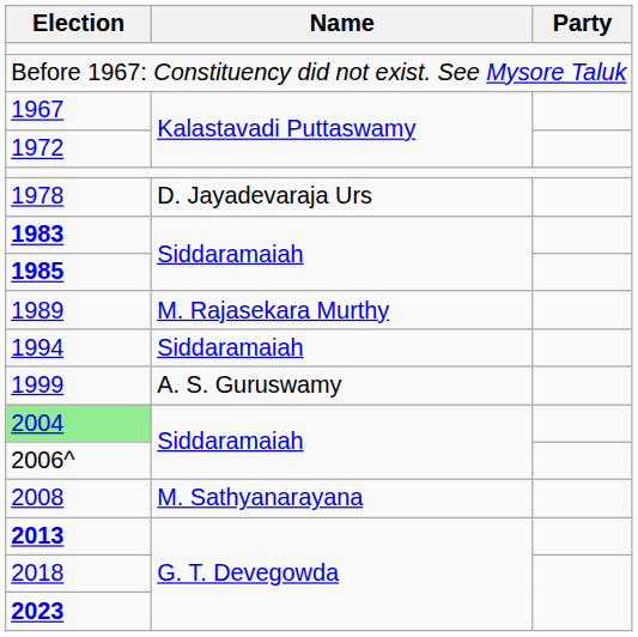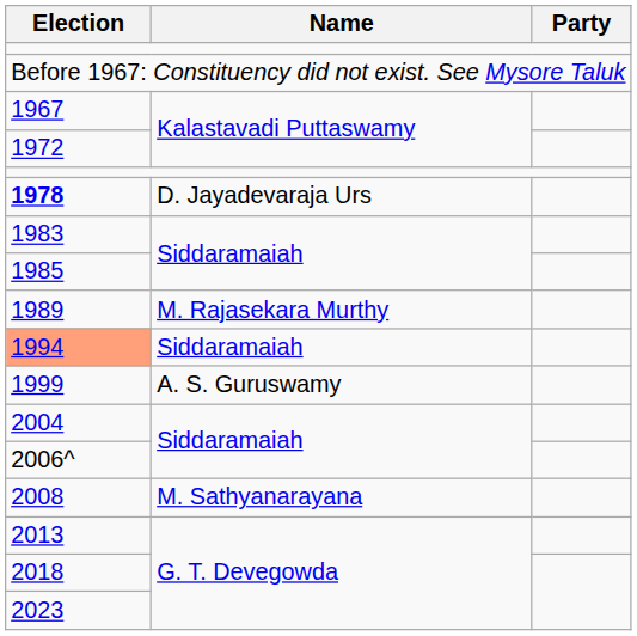 <table class ="wikitable sortable">
 <tr>
 <th>Election</th>
 <th>Name</th>
 <th colspan="2">Party</th>
 </tr>
 <tr>
 <td colspan=4></td>
 </tr>
 <tr>
 <td colspan=4>Before 1967: <em>Constituency did not exist. See <a href='#'>Mysore Taluk</a></em></td>
 </tr>
 <tr>
 <td><a href='#'>1967</a></td>
 <td rowspan=2><a href='#'>Kalastavadi Puttaswamy</a></td>
 <td></td>
 </tr>
 <tr>
 <td><a href='#'>1972</a></td>
 </tr>
 <tr>
 <td colspan=4></td>
 </tr>
 <tr>
-<td><a href='#'>1978</a></td>
+<td><strong><a href='#'>1978</a></strong></td>
 <td>D. Jayadevaraja Urs</td>
 <td></td>
 </tr>
 <tr>
-<td><strong><a href='#'>1983</a></strong></td>
+<td><a href='#'>1983</a></td>
 <td rowspan=2><a href='#'>Siddaramaiah</a></td>
 <td></td>
 </tr>
 <tr>
-<td><strong><a href='#'>1985</a></strong></td>
+<td><a href='#'>1985</a></td>
 <td></td>
 </tr>
 <tr>
 <td><a href='#'>1989</a></td>
 <td><a href='#'>M. Rajasekara Murthy</a></td>
 <td></td>
 </tr>
 <tr>
-<td><a href='#'>1994</a></td>
+<td style="background: lightsalmon;"><a href='#'>1994</a></td>
 <td><a href='#'>Siddaramaiah</a></td>
 <td></td>
 </tr>
 <tr>
 <td><a href='#'>1999</a></td>
 <td>A. S. Guruswamy</td>
 <td></td>
 </tr>
 <tr>
-<td style="background: lightgreen;"><a href='#'>2004</a></td>
+<td><a href='#'>2004</a></td>
 <td rowspan=2><a href='#'>Siddaramaiah</a></td>
 <td></td>
 </tr>
 <tr>
 <td>2006^</td>
 <td></td>
 </tr>
 <tr>
 <td><a href='#'>2008</a></td>
 <td><a href='#'>M. Sathyanarayana</a></td>
 </tr>
 <tr>
-<td><strong><a href='#'>2013</a></strong></td>
+<td><a href='#'>2013</a></td>
 <td rowspan=3><a href='#'>G. T. Devegowda</a></td>
 <td></td>
 </tr>
 <tr>
 <td><a href='#'>2018</a></td>
 </tr>
 <tr>
-<td><strong><a href='#'>2023</a></strong></td>
+<td><a href='#'>2023</a></td>
 </tr>
 </table>
